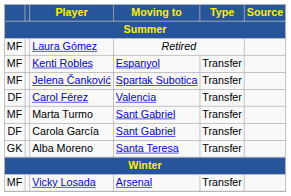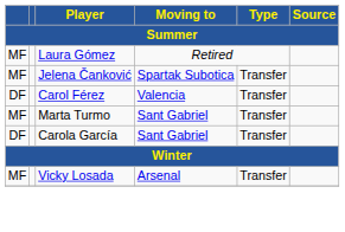 <table class="wikitable plainrowheaders sortable" style="text-align:center">
 <tr>
 <th style="background:#26559B; color:#FFF000; "></th>
 <th style="background:#26559B; color:#FFF000; "></th>
 <th style="background:#26559B; color:#FFF000; ">Player</th>
 <th style="background:#26559B; color:#FFF000; ">Moving to</th>
 <th style="background:#26559B; color:#FFF000; ">Type</th>
 <th style="background:#26559B; color:#FFF000; ">Source</th>
 </tr>
 <tr>
 <th colspan=6 style="background:#26559B; color:#FFF000; ">Summer</th>
 </tr>
 <tr>
 <td>MF</td>
 <td></td>
 <td align="left"><a href='#'>Laura Gómez</a></td>
 <td colspan="2"><em>Retired</em></td>
-<td></td>
-</tr>
-<tr>
-<td>MF</td>
-<td></td>
-<td align="left"><a href='#'>Kenti Robles</a></td>
-<td align="left"><a href='#'>Espanyol</a></td>
-<td>Transfer</td>
 <td></td>
 </tr>
 <tr>
 <td>MF</td>
 <td></td>
 <td align="left"><a href='#'>Jelena Čanković</a></td>
 <td align="left"> <a href='#'>Spartak Subotica</a></td>
 <td>Transfer</td>
 <td></td>
 </tr>
 <tr>
 <td>DF</td>
 <td></td>
 <td align="left"><a href='#'>Carol Férez</a></td>
 <td align="left"><a href='#'>Valencia</a></td>
 <td>Transfer</td>
 <td></td>
 </tr>
 <tr>
 <td>MF</td>
 <td></td>
 <td align="left">Marta Turmo</td>
 <td align="left"><a href='#'>Sant Gabriel</a></td>
 <td>Transfer</td>
 <td></td>
 </tr>
 <tr>
 <td>DF</td>
 <td></td>
 <td align=left>Carola García</td>
 <td align=left><a href='#'>Sant Gabriel</a></td>
 <td>Transfer</td>
 <td></td>
 </tr>
 <tr>
-<td>GK</td>
-<td></td>
-<td align=left>Alba Moreno</td>
-<td align=left><a href='#'>Santa Teresa</a></td>
-<td>Transfer</td>
-<td></td>
-</tr>
-<tr>
 <th colspan=6 style="background:#26559B; color:#FFF000; ">Winter</th>
 </tr>
 <tr>
 <td>MF</td>
 <td></td>
 <td align=left><a href='#'>Vicky Losada</a></td>
 <td align=left> <a href='#'>Arsenal</a></td>
 <td>Transfer</td>
 <td></td>
 </tr>
 <tr>
 </tr>
 </table>
